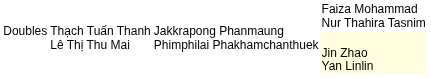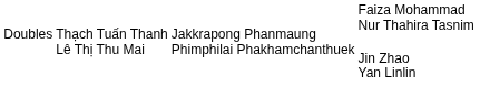 <table>
 <tr>
 <td rowspan=2>Doubles</td>
 <td rowspan=2><br>Thạch Tuấn Thanh<br>Lê Thị Thu Mai</td>
 <td rowspan=2><br>Jakkrapong Phanmaung<br>Phimphilai Phakhamchanthuek</td>
 <td><br>Faiza Mohammad<br>Nur Thahira Tasnim</td>
 </tr>
 <tr>
-<td style="background: lightyellow;"><br>Jin Zhao<br>Yan Linlin</td>
+<td><br>Jin Zhao<br>Yan Linlin</td>
 </tr>
 </table>
